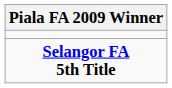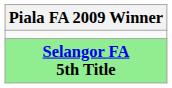 <table class="wikitable" style="text-align: center; margin: 0 auto;">
 <tr>
 <th>Piala FA 2009 Winner</th>
 </tr>
 <tr>
 <td></td>
 </tr>
 <tr>
-<td><strong><a href='#'>Selangor FA</a></strong><br><strong>5th Title</strong></td>
+<td style="background: lightgreen;"><strong><a href='#'>Selangor FA</a></strong><br><strong>5th Title</strong></td>
 </tr>
 </table>
